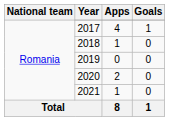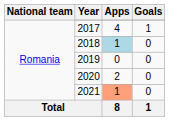 <table class="wikitable" style="text-align:center">
 <tr>
 <th>National team</th>
 <th>Year</th>
 <th>Apps</th>
 <th>Goals</th>
 </tr>
 <tr>
 <td rowspan="6"><a href='#'>Romania</a></td>
 </tr>
 <tr>
 <td>2017</td>
 <td>4</td>
 <td>1</td>
 </tr>
 <tr>
 <td>2018</td>
-<td>1</td>
+<td style="background: lightblue;">1</td>
 <td>0</td>
 </tr>
 <tr>
 <td>2019</td>
 <td>0</td>
 <td>0</td>
 </tr>
 <tr>
 <td>2020</td>
 <td>2</td>
 <td>0</td>
 </tr>
 <tr>
 <td>2021</td>
-<td>1</td>
+<td style="background: lightsalmon;">1</td>
 <td>0</td>
 </tr>
 <tr>
 <th colspan="2">Total</th>
 <th>8</th>
 <th>1</th>
 </tr>
 </table>
